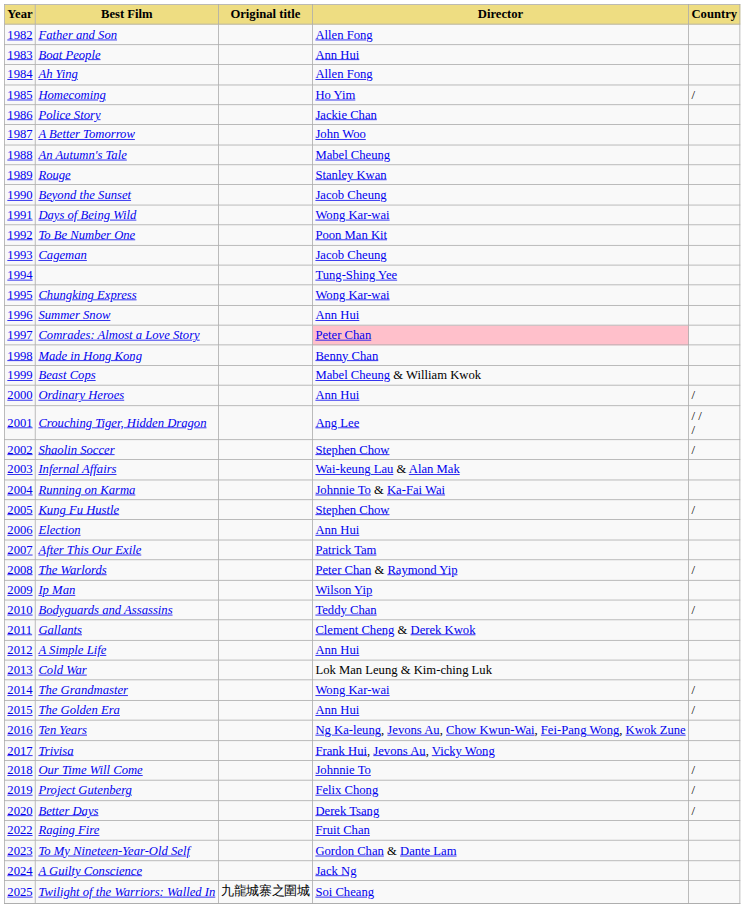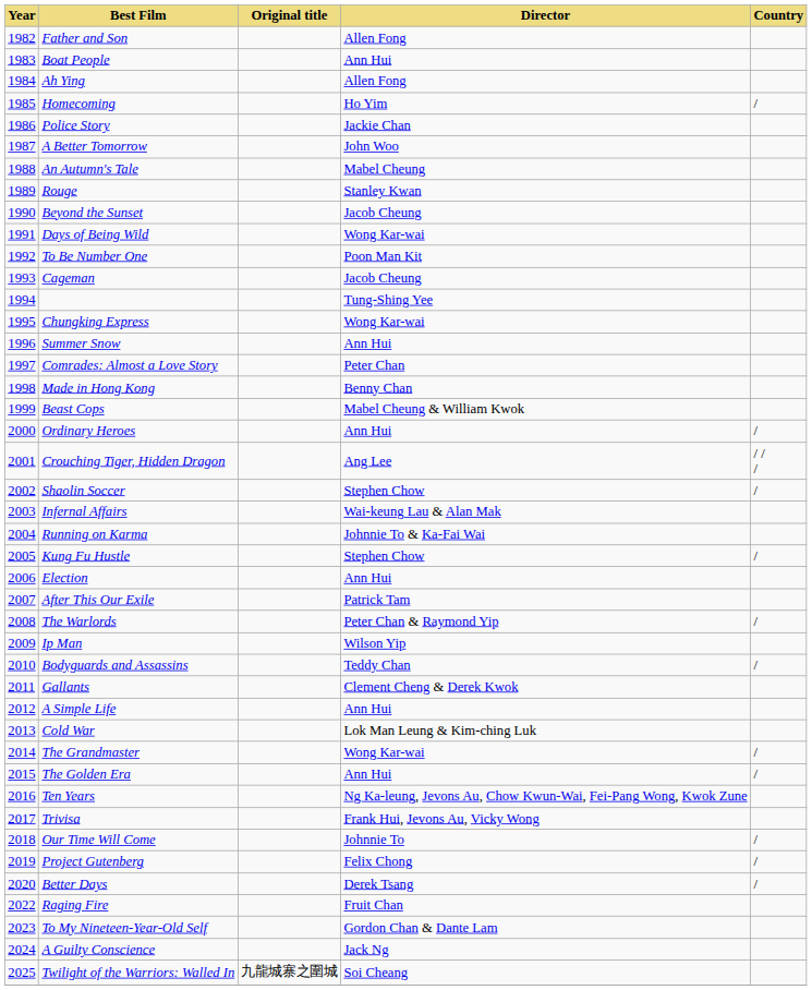 <table class="wikitable sortable">
 <tr>
 <th style="background-color: #eedd82; color:black;">Year</th>
 <th style="background-color: #eedd82; color:black;">Best Film</th>
 <th style="background-color: #eedd82; color:black;">Original title</th>
 <th style="background-color: #eedd82; color:black;">Director</th>
 <th style="background-color: #eedd82; color:black;">Country</th>
 </tr>
 <tr>
 <td><a href='#'>1982</a></td>
 <td><em><a href='#'>Father and Son</a></em></td>
 <td></td>
 <td><a href='#'>Allen Fong</a></td>
 <td></td>
 </tr>
 <tr>
 <td><a href='#'>1983</a></td>
 <td><em><a href='#'>Boat People</a></em></td>
 <td></td>
 <td><a href='#'>Ann Hui</a></td>
 <td></td>
 </tr>
 <tr>
 <td><a href='#'>1984</a></td>
 <td><em><a href='#'>Ah Ying</a></em></td>
 <td></td>
 <td><a href='#'>Allen Fong</a></td>
 <td></td>
 </tr>
 <tr>
 <td><a href='#'>1985</a></td>
 <td><em><a href='#'>Homecoming</a></em></td>
 <td></td>
 <td><a href='#'>Ho Yim</a></td>
 <td> / </td>
 </tr>
 <tr>
 <td><a href='#'>1986</a></td>
 <td><em><a href='#'>Police Story</a></em></td>
 <td></td>
 <td><a href='#'>Jackie Chan</a></td>
 <td></td>
 </tr>
 <tr>
 <td><a href='#'>1987</a></td>
 <td><em><a href='#'>A Better Tomorrow</a></em></td>
 <td></td>
 <td><a href='#'>John Woo</a></td>
 <td></td>
 </tr>
 <tr>
 <td><a href='#'>1988</a></td>
 <td><em><a href='#'>An Autumn's Tale</a></em></td>
 <td></td>
 <td><a href='#'>Mabel Cheung</a></td>
 <td></td>
 </tr>
 <tr>
 <td><a href='#'>1989</a></td>
 <td><em><a href='#'>Rouge</a></em></td>
 <td></td>
 <td><a href='#'>Stanley Kwan</a></td>
 <td></td>
 </tr>
 <tr>
 <td><a href='#'>1990</a></td>
 <td><em><a href='#'>Beyond the Sunset</a></em></td>
 <td></td>
 <td><a href='#'>Jacob Cheung</a></td>
 <td></td>
 </tr>
 <tr>
 <td><a href='#'>1991</a></td>
 <td><em><a href='#'>Days of Being Wild</a></em></td>
 <td></td>
 <td><a href='#'>Wong Kar-wai</a></td>
 <td></td>
 </tr>
 <tr>
 <td><a href='#'>1992</a></td>
 <td><em><a href='#'>To Be Number One</a></em></td>
 <td></td>
 <td><a href='#'>Poon Man Kit</a></td>
 <td></td>
 </tr>
 <tr>
 <td><a href='#'>1993</a></td>
 <td><em><a href='#'>Cageman</a></em></td>
 <td></td>
 <td><a href='#'>Jacob Cheung</a></td>
 <td></td>
 </tr>
 <tr>
 <td><a href='#'>1994</a></td>
 <td></td>
 <td></td>
 <td><a href='#'>Tung-Shing Yee</a></td>
 <td></td>
 </tr>
 <tr>
 <td><a href='#'>1995</a></td>
 <td><em><a href='#'>Chungking Express</a></em></td>
 <td></td>
 <td><a href='#'>Wong Kar-wai</a></td>
 <td></td>
 </tr>
 <tr>
 <td><a href='#'>1996</a></td>
 <td><em><a href='#'>Summer Snow</a></em></td>
 <td></td>
 <td><a href='#'>Ann Hui</a></td>
 <td></td>
 </tr>
 <tr>
 <td><a href='#'>1997</a></td>
 <td><em><a href='#'>Comrades: Almost a Love Story</a></em></td>
 <td></td>
-<td style="background: pink;"><a href='#'>Peter Chan</a></td>
+<td><a href='#'>Peter Chan</a></td>
 <td></td>
 </tr>
 <tr>
 <td><a href='#'>1998</a></td>
 <td><em><a href='#'>Made in Hong Kong</a></em></td>
 <td></td>
 <td><a href='#'>Benny Chan</a></td>
 <td></td>
 </tr>
 <tr>
 <td><a href='#'>1999</a></td>
 <td><em><a href='#'>Beast Cops</a></em></td>
 <td></td>
 <td><a href='#'>Mabel Cheung</a> & William Kwok</td>
 <td></td>
 </tr>
 <tr>
 <td><a href='#'>2000</a></td>
 <td><em><a href='#'>Ordinary Heroes</a></em></td>
 <td></td>
 <td><a href='#'>Ann Hui</a></td>
 <td> / </td>
 </tr>
 <tr>
 <td><a href='#'>2001</a></td>
 <td><em><a href='#'>Crouching Tiger, Hidden Dragon</a></em></td>
 <td></td>
 <td><a href='#'>Ang Lee</a></td>
 <td> /  / <br> / </td>
 </tr>
 <tr>
 <td><a href='#'>2002</a></td>
 <td><em><a href='#'>Shaolin Soccer</a></em></td>
 <td></td>
 <td><a href='#'>Stephen Chow</a></td>
 <td> / </td>
 </tr>
 <tr>
 <td><a href='#'>2003</a></td>
 <td><em><a href='#'>Infernal Affairs</a></em></td>
 <td></td>
 <td><a href='#'>Wai-keung Lau</a> & <a href='#'>Alan Mak</a></td>
 <td></td>
 </tr>
 <tr>
 <td><a href='#'>2004</a></td>
 <td><em><a href='#'>Running on Karma</a></em></td>
 <td></td>
 <td><a href='#'>Johnnie To</a> & <a href='#'>Ka-Fai Wai</a></td>
 <td></td>
 </tr>
 <tr>
 <td><a href='#'>2005</a></td>
 <td><em><a href='#'>Kung Fu Hustle</a></em></td>
 <td></td>
 <td><a href='#'>Stephen Chow</a></td>
 <td> / </td>
 </tr>
 <tr>
 <td><a href='#'>2006</a></td>
 <td><em><a href='#'>Election</a></em></td>
 <td></td>
 <td><a href='#'>Ann Hui</a></td>
 <td></td>
 </tr>
 <tr>
 <td><a href='#'>2007</a></td>
 <td><em><a href='#'>After This Our Exile</a></em></td>
 <td></td>
 <td><a href='#'>Patrick Tam</a></td>
 <td></td>
 </tr>
 <tr>
 <td><a href='#'>2008</a></td>
 <td><em><a href='#'>The Warlords</a></em></td>
 <td></td>
 <td><a href='#'>Peter Chan</a> & <a href='#'>Raymond Yip</a></td>
 <td> / </td>
 </tr>
 <tr>
 <td><a href='#'>2009</a></td>
 <td><em><a href='#'>Ip Man</a></em></td>
 <td></td>
 <td><a href='#'>Wilson Yip</a></td>
 <td></td>
 </tr>
 <tr>
 <td><a href='#'>2010</a></td>
 <td><em><a href='#'>Bodyguards and Assassins</a></em></td>
 <td></td>
 <td><a href='#'>Teddy Chan</a></td>
 <td> / </td>
 </tr>
 <tr>
 <td><a href='#'>2011</a></td>
 <td><em><a href='#'>Gallants</a></em></td>
 <td></td>
 <td><a href='#'>Clement Cheng</a> & <a href='#'>Derek Kwok</a></td>
 <td></td>
 </tr>
 <tr>
 <td><a href='#'>2012</a></td>
 <td><em><a href='#'>A Simple Life</a></em></td>
 <td></td>
 <td><a href='#'>Ann Hui</a></td>
 <td></td>
 </tr>
 <tr>
 <td><a href='#'>2013</a></td>
 <td><em><a href='#'>Cold War</a></em></td>
 <td></td>
 <td>Lok Man Leung & Kim-ching Luk</td>
 <td></td>
 </tr>
 <tr>
 <td><a href='#'>2014</a></td>
 <td><em><a href='#'>The Grandmaster</a></em></td>
 <td></td>
 <td><a href='#'>Wong Kar-wai</a></td>
 <td> / </td>
 </tr>
 <tr>
 <td><a href='#'>2015</a></td>
 <td><em><a href='#'>The Golden Era</a></em></td>
 <td></td>
 <td><a href='#'>Ann Hui</a></td>
 <td> / </td>
 </tr>
 <tr>
 <td><a href='#'>2016</a></td>
 <td><em><a href='#'>Ten Years</a></em></td>
 <td></td>
 <td><a href='#'>Ng Ka-leung</a>, <a href='#'>Jevons Au</a>, <a href='#'>Chow Kwun-Wai</a>, <a href='#'>Fei-Pang Wong</a>, <a href='#'>Kwok Zune</a></td>
 <td></td>
 </tr>
 <tr>
 <td><a href='#'>2017</a></td>
 <td><em><a href='#'>Trivisa</a></em></td>
 <td></td>
 <td><a href='#'>Frank Hui</a>, <a href='#'>Jevons Au</a>, <a href='#'>Vicky Wong</a></td>
 <td></td>
 </tr>
 <tr>
 <td><a href='#'>2018</a></td>
 <td><em><a href='#'>Our Time Will Come</a></em></td>
 <td></td>
 <td><a href='#'>Johnnie To</a></td>
 <td> / </td>
 </tr>
 <tr>
 <td><a href='#'>2019</a></td>
 <td><em><a href='#'>Project Gutenberg</a></em></td>
 <td></td>
 <td><a href='#'>Felix Chong</a></td>
 <td> / </td>
 </tr>
 <tr>
 <td><a href='#'>2020</a></td>
 <td><em><a href='#'>Better Days</a></em></td>
 <td></td>
 <td><a href='#'>Derek Tsang</a></td>
 <td> / </td>
 </tr>
 <tr>
 <td><a href='#'>2022</a></td>
 <td><em><a href='#'>Raging Fire</a></em></td>
 <td></td>
 <td><a href='#'>Fruit Chan</a></td>
 <td></td>
 </tr>
 <tr>
 <td><a href='#'>2023</a></td>
 <td><em><a href='#'>To My Nineteen-Year-Old Self</a></em></td>
 <td></td>
 <td><a href='#'>Gordon Chan</a> & <a href='#'>Dante Lam</a></td>
 <td></td>
 </tr>
 <tr>
 <td><a href='#'>2024</a></td>
 <td><em><a href='#'>A Guilty Conscience</a></em></td>
 <td></td>
 <td><a href='#'>Jack Ng</a></td>
 <td></td>
 </tr>
 <tr>
 <td><a href='#'>2025</a></td>
 <td><em><a href='#'>Twilight of the Warriors: Walled In</a></em></td>
 <td>九龍城寨之圍城</td>
 <td><a href='#'>Soi Cheang</a></td>
 <td></td>
 </tr>
 <tr>
 </tr>
 </table>
